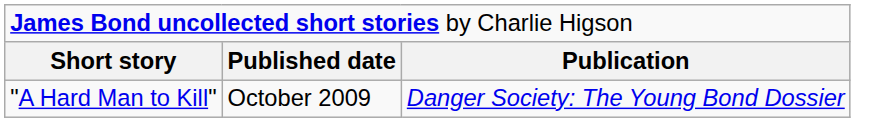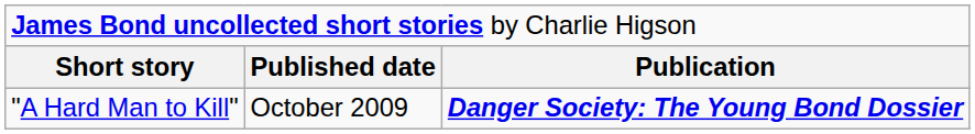 <table class="wikitable">
 <tr>
 <td colspan=3><strong><a href='#'>James Bond uncollected short stories</a></strong> by Charlie Higson</td>
 </tr>
 <tr>
 <th>Short story</th>
 <th>Published date</th>
 <th>Publication</th>
 </tr>
 <tr>
 <td>"<a href='#'>A Hard Man to Kill</a>"</td>
 <td>October 2009</td>
-<td><em><a href='#'>Danger Society: The Young Bond Dossier</a></em></td>
+<td><strong><em><a href='#'>Danger Society: The Young Bond Dossier</a></em></strong></td>
 </tr>
 </table>
